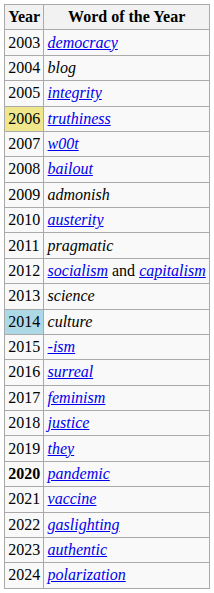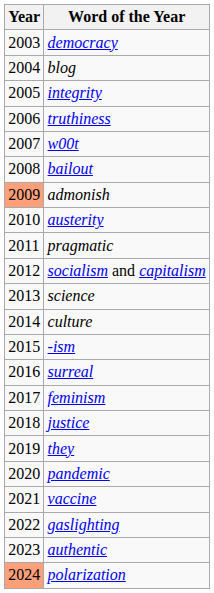 <table class="wikitable">
 <tr>
 <th>Year</th>
 <th>Word of the Year</th>
 </tr>
 <tr>
 <td>2003</td>
 <td><em><a href='#'>democracy</a></em></td>
 </tr>
 <tr>
 <td>2004</td>
 <td><em>blog</em></td>
 </tr>
 <tr>
 <td>2005</td>
 <td><em><a href='#'>integrity</a></em></td>
 </tr>
 <tr>
-<td style="background: khaki;">2006</td>
+<td>2006</td>
 <td><em><a href='#'>truthiness</a></em></td>
 </tr>
 <tr>
 <td>2007</td>
 <td><em><a href='#'>w00t</a></em></td>
 </tr>
 <tr>
 <td>2008</td>
 <td><em><a href='#'>bailout</a></em></td>
 </tr>
 <tr>
-<td>2009</td>
+<td style="background: lightsalmon;">2009</td>
 <td><em>admonish</em></td>
 </tr>
 <tr>
 <td>2010</td>
 <td><em><a href='#'>austerity</a></em></td>
 </tr>
 <tr>
 <td>2011</td>
 <td><em>pragmatic</em></td>
 </tr>
 <tr>
 <td>2012</td>
 <td><em><a href='#'>socialism</a></em> and <em><a href='#'>capitalism</a></em></td>
 </tr>
 <tr>
 <td>2013</td>
 <td><em>science</em></td>
 </tr>
 <tr>
-<td style="background: lightblue;">2014</td>
+<td>2014</td>
 <td><em>culture</em></td>
 </tr>
 <tr>
 <td>2015</td>
 <td><em><a href='#'>-ism</a></em></td>
 </tr>
 <tr>
 <td>2016</td>
 <td><a href='#'><em>surreal</em></a></td>
 </tr>
 <tr>
 <td>2017</td>
 <td><em><a href='#'>feminism</a></em></td>
 </tr>
 <tr>
 <td>2018</td>
 <td><em><a href='#'>justice</a></em></td>
 </tr>
 <tr>
 <td>2019</td>
 <td><em><a href='#'>they</a></em></td>
 </tr>
 <tr>
-<td><strong>2020</strong></td>
+<td>2020</td>
 <td><em><a href='#'>pandemic</a></em></td>
 </tr>
 <tr>
 <td>2021</td>
 <td><em><a href='#'>vaccine</a></em></td>
 </tr>
 <tr>
 <td>2022</td>
 <td><em><a href='#'>gaslighting</a></em></td>
 </tr>
 <tr>
 <td>2023</td>
 <td><a href='#'><em>authentic</em></a></td>
 </tr>
 <tr>
-<td>2024</td>
+<td style="background: lightsalmon;">2024</td>
 <td><em><a href='#'>polarization</a></em></td>
 </tr>
 </table>
